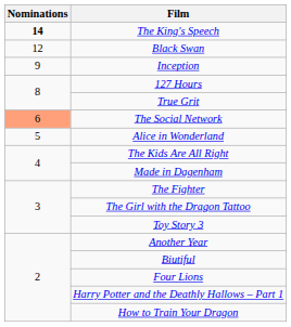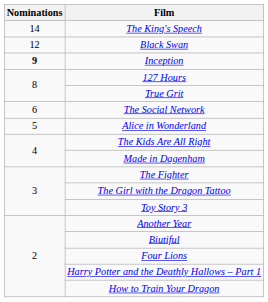 <table class="wikitable" style="text-align:center;">
 <tr>
 <th style="background:">Nominations</th>
 <th style="background:">Film</th>
 </tr>
 <tr>
-<td><strong>14</strong></td>
+<td>14</td>
 <td><em><a href='#'>The King's Speech</a></em></td>
 </tr>
 <tr>
 <td>12</td>
 <td><em><a href='#'>Black Swan</a></em></td>
 </tr>
 <tr>
-<td>9</td>
+<td><strong>9</strong></td>
 <td><em><a href='#'>Inception</a></em></td>
 </tr>
 <tr>
 <td rowspan="2">8</td>
 <td><em><a href='#'>127 Hours</a></em></td>
 </tr>
 <tr>
 <td><em><a href='#'>True Grit</a></em></td>
 </tr>
 <tr>
-<td style="background: lightsalmon;">6</td>
+<td>6</td>
 <td><em><a href='#'>The Social Network</a></em></td>
 </tr>
 <tr>
 <td>5</td>
 <td><em><a href='#'>Alice in Wonderland</a></em></td>
 </tr>
 <tr>
 <td rowspan="2">4</td>
 <td><em><a href='#'>The Kids Are All Right</a></em></td>
 </tr>
 <tr>
 <td><em><a href='#'>Made in Dagenham</a></em></td>
 </tr>
 <tr>
 <td rowspan="3">3</td>
 <td><em><a href='#'>The Fighter</a></em></td>
 </tr>
 <tr>
 <td><em><a href='#'>The Girl with the Dragon Tattoo</a></em></td>
 </tr>
 <tr>
 <td><em><a href='#'>Toy Story 3</a></em></td>
 </tr>
 <tr>
 <td rowspan="5">2</td>
 <td><em><a href='#'>Another Year</a></em></td>
 </tr>
 <tr>
 <td><em><a href='#'>Biutiful</a></em></td>
 </tr>
 <tr>
 <td><em><a href='#'>Four Lions</a></em></td>
 </tr>
 <tr>
 <td><em><a href='#'>Harry Potter and the Deathly Hallows – Part 1</a></em></td>
 </tr>
 <tr>
 <td><em><a href='#'>How to Train Your Dragon</a></em></td>
 </tr>
 </table>
